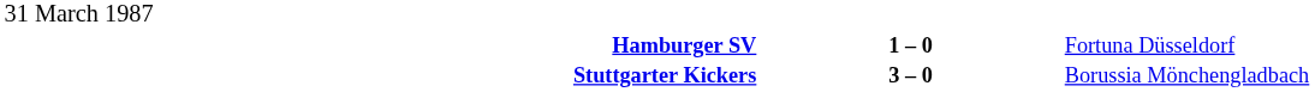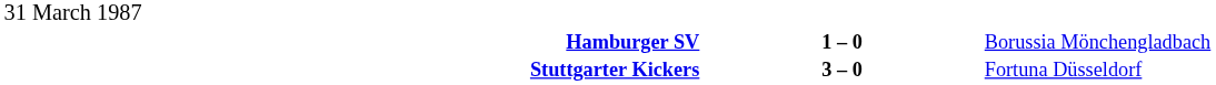 <table width=100% cellspacing=1>
 <tr>
 <th width=25%></th>
 <th width=10%></th>
 <th width=25%></th>
 <th></th>
 </tr>
 <tr>
 <td>31 March 1987</td>
 </tr>
 <tr style=font-size:90%>
 <td align=right><strong><a href='#'>Hamburger SV</a></strong></td>
 <td align=center><strong>1 – 0</strong></td>
-<td><a href='#'>Fortuna Düsseldorf</a></td>
+<td><a href='#'>Borussia Mönchengladbach</a></td>
 </tr>
 <tr style=font-size:90%>
 <td align=right><strong><a href='#'>Stuttgarter Kickers</a></strong></td>
 <td align=center><strong>3 – 0</strong></td>
-<td><a href='#'>Borussia Mönchengladbach</a></td>
+<td><a href='#'>Fortuna Düsseldorf</a></td>
 </tr>
 </table>
